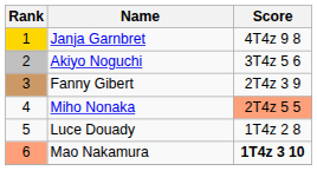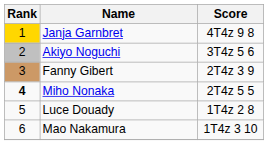 <table class="wikitable">
 <tr>
 <th>Rank</th>
 <th width = "200">Name</th>
 <th width = "80">Score</th>
 </tr>
 <tr>
 <td align="center" style="background: gold">1</td>
 <td> <a href='#'>Janja Garnbret</a></td>
 <td align="center">4T4z 9 8</td>
 </tr>
 <tr>
 <td align="center" style="background: silver">2</td>
 <td> <a href='#'>Akiyo Noguchi</a></td>
 <td align="center">3T4z 5 6</td>
 </tr>
 <tr>
 <td align="center" style="background: #cc9966">3</td>
 <td> Fanny Gibert</td>
 <td align="center">2T4z 3 9</td>
 </tr>
 <tr>
-<td align="center">4</td>
+<td align="center"><strong>4</strong></td>
 <td> <a href='#'>Miho Nonaka</a></td>
-<td align="center" style="background: lightsalmon;">2T4z 5 5</td>
+<td align="center">2T4z 5 5</td>
 </tr>
 <tr>
 <td align="center">5</td>
 <td> Luce Douady</td>
 <td align="center">1T4z 2 8</td>
 </tr>
 <tr>
-<td align="center" style="background: lightsalmon;">6</td>
+<td align="center">6</td>
 <td> Mao Nakamura</td>
-<td align="center"><strong>1T4z 3 10</strong></td>
+<td align="center">1T4z 3 10</td>
 </tr>
 <tr>
 </tr>
 </table>
